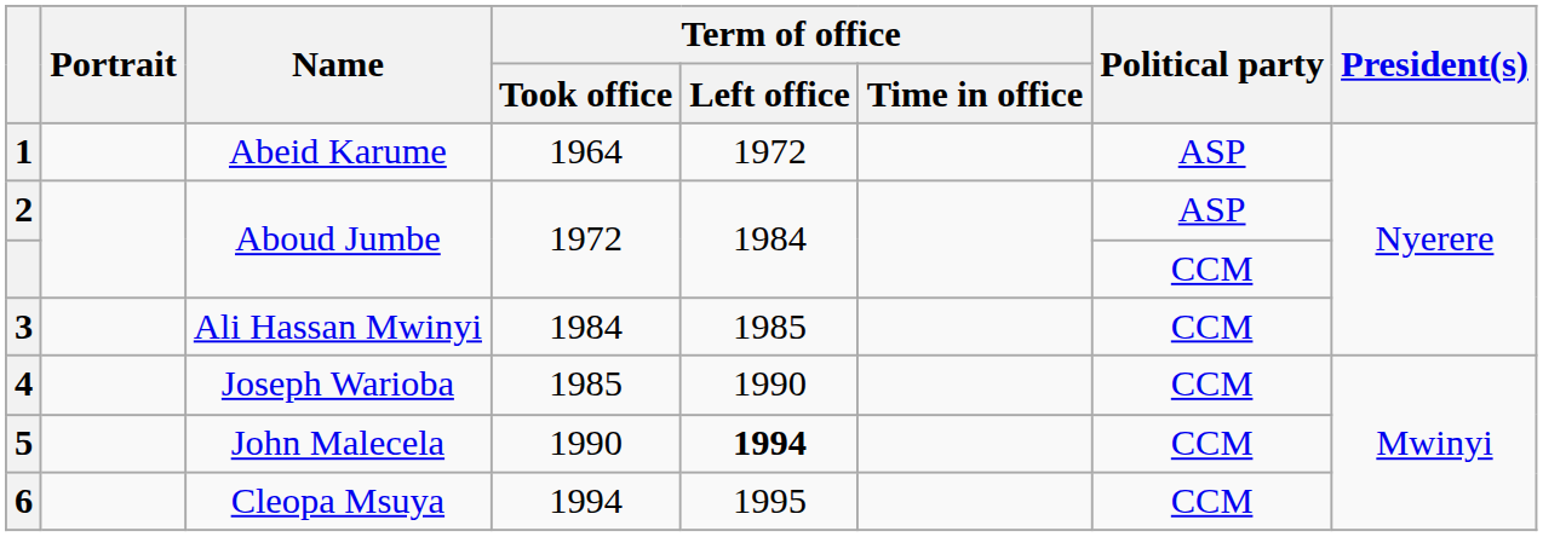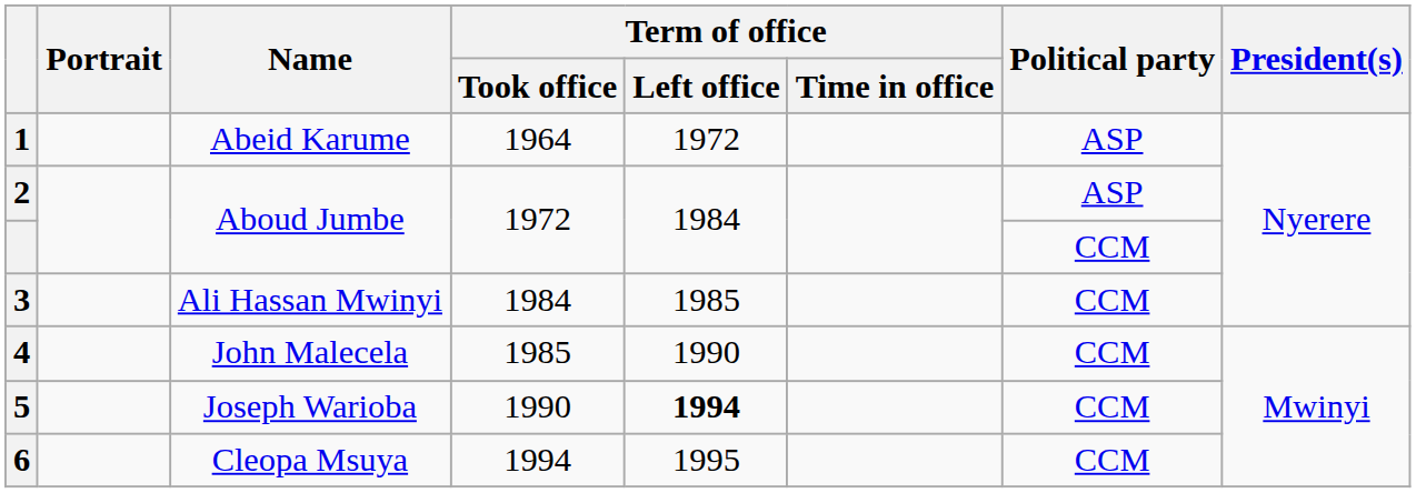 <table class="wikitable" style="text-align:center">
 <tr>
 <th rowspan="2"></th>
 <th rowspan="2">Portrait</th>
 <th rowspan="2">Name<br></th>
 <th colspan="3">Term of office</th>
 <th rowspan="2">Political party</th>
 <th rowspan="2"><a href='#'>President(s)</a></th>
 </tr>
 <tr>
 <th>Took office</th>
 <th>Left office</th>
 <th>Time in office</th>
 </tr>
 <tr>
 <th style="background:">1</th>
 <td></td>
 <td><a href='#'>Abeid Karume</a><br></td>
 <td> 1964</td>
 <td> 1972</td>
 <td></td>
 <td><a href='#'>ASP</a></td>
 <td rowspan=4><a href='#'>Nyerere</a></td>
 </tr>
 <tr>
 <th style="background:">2</th>
 <td rowspan=2></td>
 <td rowspan=2><a href='#'>Aboud Jumbe</a><br></td>
 <td rowspan=2> 1972</td>
 <td rowspan=2> 1984</td>
 <td rowspan=2></td>
 <td><a href='#'>ASP</a><br></td>
 </tr>
 <tr>
 <th style="background:"></th>
 <td><a href='#'>CCM</a></td>
 </tr>
 <tr>
 <th style="background:">3</th>
 <td></td>
 <td><a href='#'>Ali Hassan Mwinyi</a><br></td>
 <td> 1984</td>
 <td> 1985</td>
 <td></td>
 <td><a href='#'>CCM</a></td>
 </tr>
 <tr>
 <th style="background:">4</th>
 <td></td>
-<td><a href='#'>Joseph Warioba</a><br></td>
+<td><a href='#'>John Malecela</a><br></td>
 <td> 1985</td>
 <td> 1990</td>
 <td></td>
 <td><a href='#'>CCM</a></td>
 <td rowspan=3><a href='#'>Mwinyi</a></td>
 </tr>
 <tr>
 <th style="background:">5</th>
 <td></td>
-<td><a href='#'>John Malecela</a><br></td>
+<td><a href='#'>Joseph Warioba</a><br></td>
 <td> 1990</td>
 <td><strong> 1994</strong></td>
 <td></td>
 <td><a href='#'>CCM</a></td>
 </tr>
 <tr>
 <th style="background:">6</th>
 <td></td>
 <td><a href='#'>Cleopa Msuya</a><br></td>
 <td> 1994</td>
 <td> 1995</td>
 <td></td>
 <td><a href='#'>CCM</a></td>
 </tr>
 </table>
